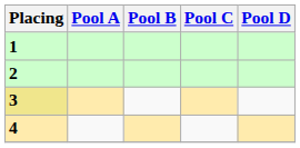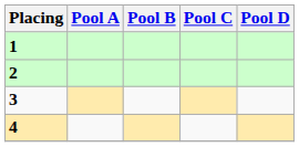 <table class=wikitable style="border:1px solid #AAAAAA;">
 <tr>
 <th>Placing</th>
 <th><a href='#'>Pool A</a></th>
 <th><a href='#'>Pool B</a></th>
 <th><a href='#'>Pool C</a></th>
 <th><a href='#'>Pool D</a></th>
 </tr>
 <tr style="background: #ccffcc;">
 <td><strong>1</strong></td>
 <td></td>
 <td></td>
 <td></td>
 <td></td>
 </tr>
 <tr style="background: #ccffcc;">
 <td><strong>2</strong></td>
 <td></td>
 <td></td>
 <td></td>
 <td></td>
 </tr>
 <tr>
-<td style="background: khaki;"><strong>3</strong></td>
+<td><strong>3</strong></td>
 <td style="background: #ffebad;"></td>
 <td></td>
 <td style="background: #ffebad;"></td>
 <td></td>
 </tr>
 <tr>
 <td style="background: #ffebad;"><strong>4</strong></td>
 <td> </td>
 <td style="background: #ffebad;"></td>
 <td> </td>
 <td style="background: #ffebad;"></td>
 </tr>
 <tr>
 </tr>
 </table>
